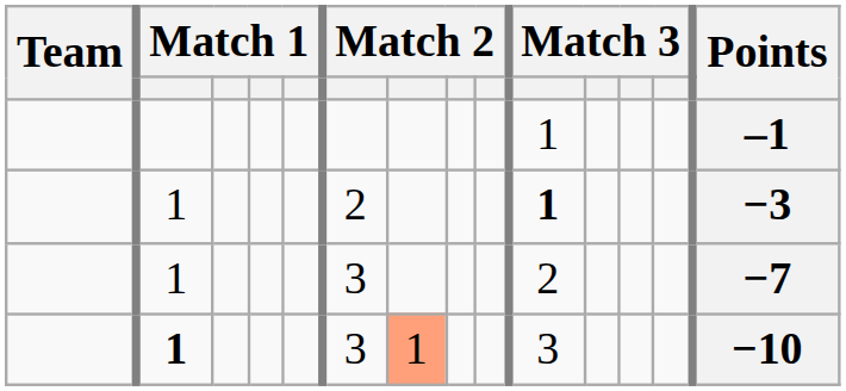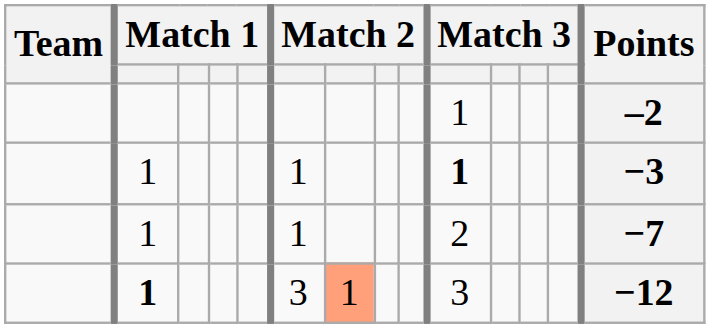 <table class="wikitable sortable" style="text-align:center;">
 <tr>
 <th rowspan=2>Team</th>
 <th colspan=4 style="border-left:3px solid gray">Match 1</th>
 <th colspan=4 style="border-left:3px solid gray">Match 2</th>
 <th colspan=4 style="border-left:3px solid gray">Match 3</th>
 <th rowspan=2 style="border-left:3px solid gray">Points</th>
 </tr>
 <tr>
 <th style="border-left:3px solid gray"></th>
 <th></th>
 <th></th>
 <th></th>
 <th style="border-left:3px solid gray"></th>
 <th></th>
 <th></th>
 <th></th>
 <th style="border-left:3px solid gray"></th>
 <th></th>
 <th></th>
 <th></th>
 </tr>
 <tr>
 <td align=left></td>
 <td style="border-left:3px solid gray"></td>
 <td></td>
 <td></td>
 <td></td>
 <td style="border-left:3px solid gray"></td>
 <td></td>
 <td></td>
 <td></td>
 <td style="border-left:3px solid gray">1</td>
 <td></td>
 <td></td>
 <td></td>
-<th style="border-left:3px solid gray">–1</th>
+<th style="border-left:3px solid gray">–2</th>
 </tr>
 <tr>
 <td align=left></td>
 <td style="border-left:3px solid gray">1</td>
 <td></td>
 <td></td>
 <td></td>
-<td style="border-left:3px solid gray">2</td>
+<td style="border-left:3px solid gray">1</td>
 <td></td>
 <td></td>
 <td></td>
 <td style="border-left:3px solid gray"><strong>1</strong></td>
 <td></td>
 <td></td>
 <td></td>
 <th style="border-left:3px solid gray">−3</th>
 </tr>
 <tr>
 <td align=left></td>
 <td style="border-left:3px solid gray">1</td>
 <td></td>
 <td></td>
 <td></td>
-<td style="border-left:3px solid gray">3</td>
+<td style="border-left:3px solid gray">1</td>
 <td></td>
 <td></td>
 <td></td>
 <td style="border-left:3px solid gray">2</td>
 <td></td>
 <td></td>
 <td></td>
 <th style="border-left:3px solid gray">−7</th>
 </tr>
 <tr>
 <td align=left></td>
 <td style="border-left:3px solid gray"><strong>1</strong></td>
 <td></td>
 <td></td>
 <td></td>
 <td style="border-left:3px solid gray">3</td>
 <td style="background: lightsalmon;">1</td>
 <td></td>
 <td></td>
 <td style="border-left:3px solid gray">3</td>
 <td></td>
 <td></td>
 <td></td>
-<th style="border-left:3px solid gray">−10</th>
+<th style="border-left:3px solid gray">−12</th>
 </tr>
 </table>
